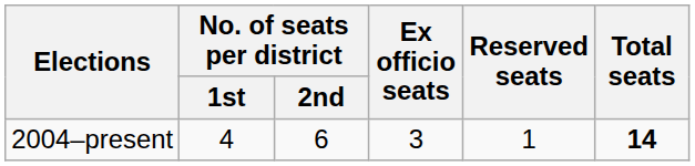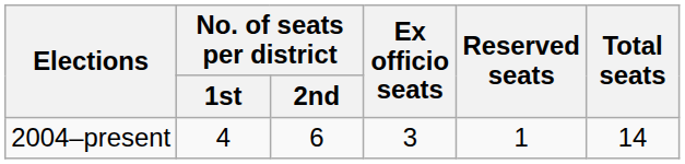 <table class=wikitable style="text-align:center">
 <tr>
 <th rowspan=2>Elections</th>
 <th colspan=2>No. of seats per district</th>
 <th width=50px rowspan=2>Ex officio seats</th>
 <th width=50px rowspan=2>Reserved seats</th>
 <th width=50px rowspan=2>Total seats</th>
 </tr>
 <tr>
 <th width=50px>1st</th>
 <th width=50px>2nd</th>
 </tr>
 <tr>
 <td>2004–present</td>
 <td>4</td>
 <td>6</td>
 <td>3</td>
 <td>1</td>
-<td><strong>14</strong></td>
+<td>14</td>
 </tr>
 </table>
